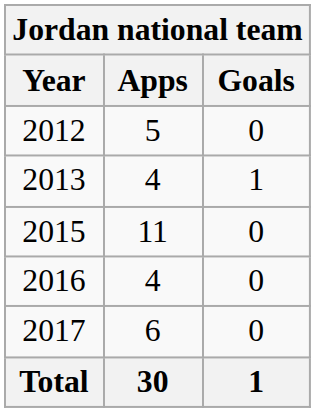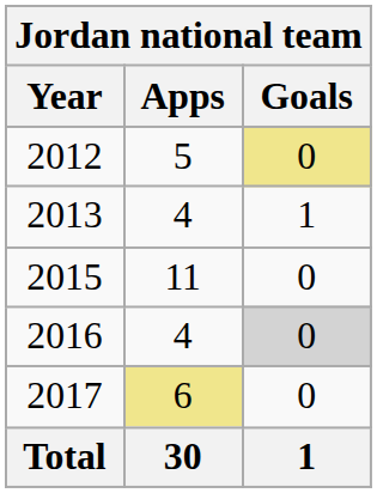 <table class="wikitable" style="text-align:center">
 <tr>
 <th colspan=3>Jordan national team</th>
 </tr>
 <tr>
 <th>Year</th>
 <th>Apps</th>
 <th>Goals</th>
 </tr>
 <tr>
 <td>2012</td>
 <td>5</td>
-<td>0</td>
+<td style="background: khaki;">0</td>
 </tr>
 <tr>
 <td>2013</td>
 <td>4</td>
 <td>1</td>
 </tr>
 <tr>
 <td>2015</td>
 <td>11</td>
 <td>0</td>
 </tr>
 <tr>
 <td>2016</td>
 <td>4</td>
-<td>0</td>
+<td style="background: lightgrey;">0</td>
 </tr>
 <tr>
 <td>2017</td>
-<td>6</td>
+<td style="background: khaki;">6</td>
 <td>0</td>
 </tr>
 <tr>
 <th>Total</th>
 <th>30</th>
 <th>1</th>
 </tr>
 </table>
